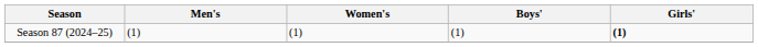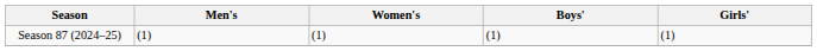 <table class="wikitable" style="font-size:90%;">
 <tr>
 <th width=16%>Season</th>
 <th width=200px>Men's</th>
 <th width=200px>Women's</th>
 <th width=200px>Boys'</th>
 <th width=175px>Girls'</th>
 </tr>
 <tr>
 <td align=center>Season 87 (2024–25)</td>
 <td> (1)</td>
 <td> (1)</td>
 <td> (1)</td>
-<td><strong> (1)</strong></td>
+<td> (1)</td>
 </tr>
 <tr>
 </tr>
 </table>
